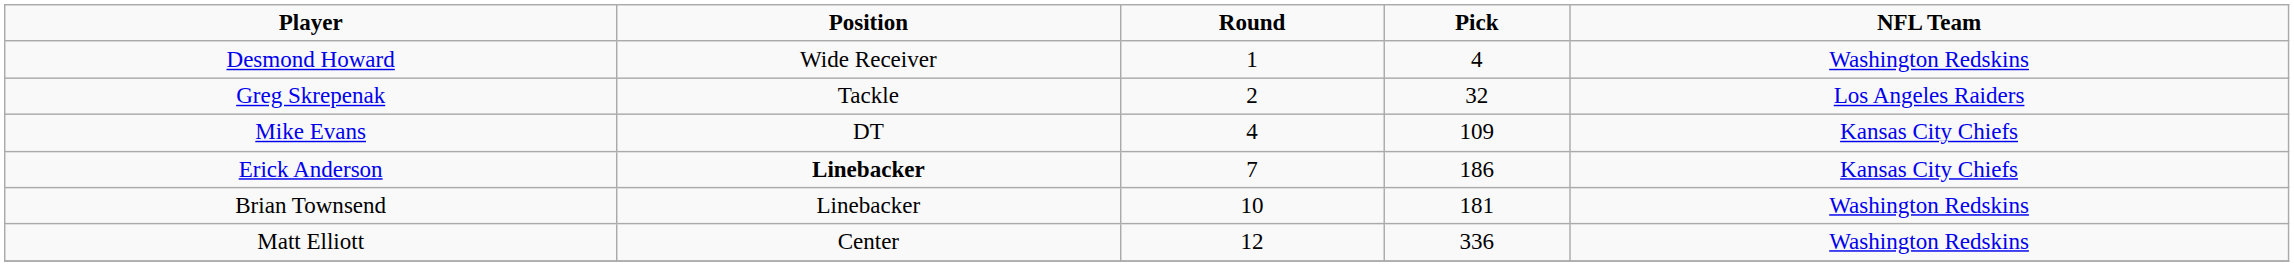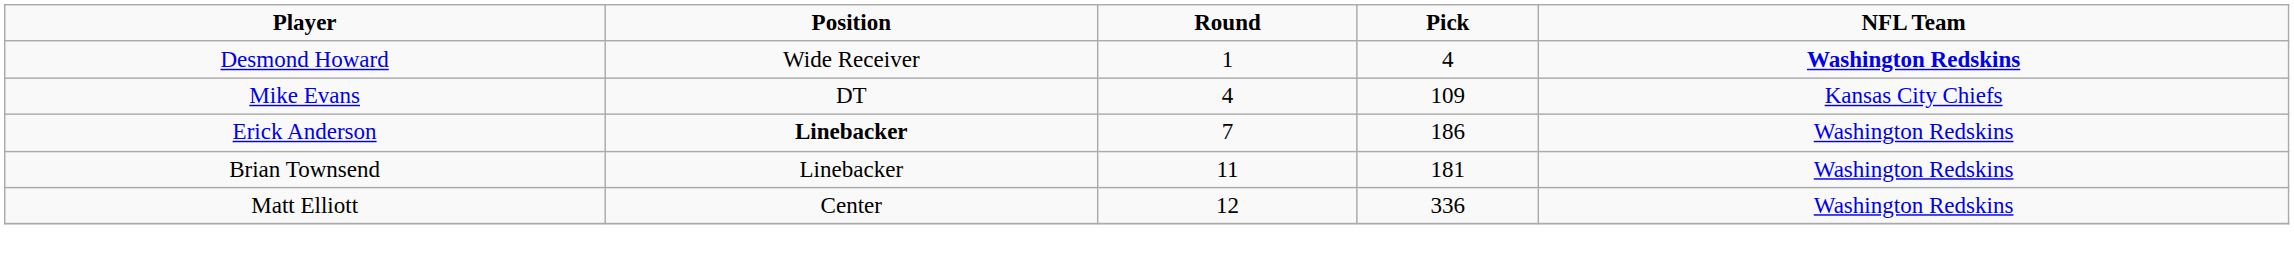 <table class="wikitable" width="80%">
 <tr align="center">
 <td><strong>Player</strong></td>
 <td><strong>Position</strong></td>
 <td><strong>Round</strong></td>
 <td><strong>Pick</strong></td>
 <td><strong>NFL Team</strong></td>
 </tr>
 <tr align="center" bgcolor="">
 <td><a href='#'>Desmond Howard</a></td>
 <td>Wide Receiver</td>
 <td>1</td>
 <td>4</td>
-<td><a href='#'>Washington Redskins</a></td>
-</tr>
-<tr align="center" bgcolor="">
-<td><a href='#'>Greg Skrepenak</a></td>
-<td>Tackle</td>
-<td>2</td>
-<td>32</td>
-<td><a href='#'>Los Angeles Raiders</a></td>
+<td><strong><a href='#'>Washington Redskins</a></strong></td>
 </tr>
 <tr align="center" bgcolor="">
 <td><a href='#'>Mike Evans</a></td>
 <td>DT</td>
 <td>4</td>
 <td>109</td>
 <td><a href='#'>Kansas City Chiefs</a></td>
 </tr>
 <tr align="center" bgcolor="">
 <td><a href='#'>Erick Anderson</a></td>
 <td><strong>Linebacker</strong></td>
 <td>7</td>
 <td>186</td>
-<td><a href='#'>Kansas City Chiefs</a></td>
+<td><a href='#'>Washington Redskins</a></td>
 </tr>
 <tr align="center" bgcolor="">
 <td>Brian Townsend</td>
 <td>Linebacker</td>
-<td>10</td>
+<td>11</td>
 <td>181</td>
 <td><a href='#'>Washington Redskins</a></td>
 </tr>
 <tr align="center" bgcolor="">
 <td>Matt Elliott</td>
 <td>Center</td>
 <td>12</td>
 <td>336</td>
 <td><a href='#'>Washington Redskins</a></td>
 </tr>
 <tr align="center" bgcolor="">
 </tr>
 </table>
